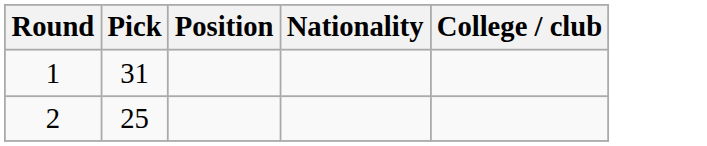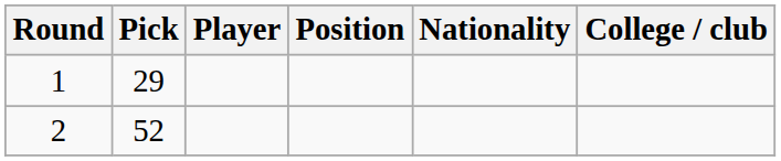 <table class="wikitable sortable sortable">
 <tr>
 <th>Round</th>
 <th>Pick</th>
+<th>Player</th>
 <th>Position</th>
 <th>Nationality</th>
 <th>College / club</th>
 </tr>
 <tr style="text-align: center">
 <td>1</td>
-<td>31</td>
+<td>29</td>
+<td></td>
 <td></td>
 <td></td>
 <td></td>
 </tr>
 <tr style="text-align: center">
 <td>2</td>
-<td>25</td>
+<td>52</td>
+<td></td>
 <td></td>
 <td></td>
 <td></td>
 </tr>
 </table>
